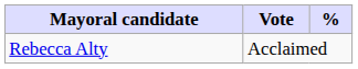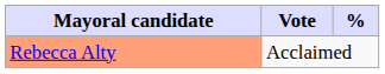 <table class="wikitable">
 <tr>
 <th style="background:#ddf; width:200px;">Mayoral candidate</th>
 <th style="background:#ddf; width:50px;">Vote</th>
 <th style="background:#ddf; width:30px;">%</th>
 </tr>
 <tr>
-<td><a href='#'>Rebecca Alty</a></td>
+<td style="background: lightsalmon;"><a href='#'>Rebecca Alty</a></td>
 <td colspan="2">Acclaimed</td>
 </tr>
 </table>
